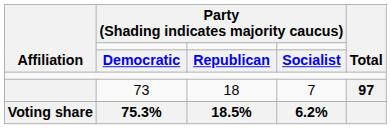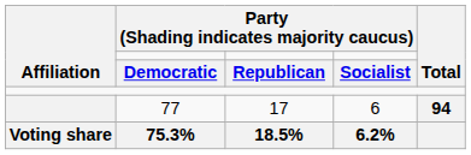 <table class=wikitable style="text-align:center">
 <tr style="vertical-align:bottom;">
 <th rowspan=3>Affiliation</th>
 <th colspan=3>Party <div>(Shading indicates majority caucus)</div></th>
 <th rowspan=3>Total</th>
 </tr>
 <tr style="height:5px">
 <td style="background-color:"></td>
 <td style="background-color:"></td>
 <td style="background-color:"></td>
 </tr>
 <tr>
 <th><a href='#'>Democratic</a></th>
 <th><a href='#'>Republican</a></th>
 <th><a href='#'>Socialist</a></th>
 </tr>
 <tr>
 <td colspan=5></td>
 </tr>
 <tr>
 <th nowrap style="font-size:80%"></th>
-<td>73</td>
-<td>18</td>
-<td>7</td>
-<th>97</th>
+<td>77</td>
+<td>17</td>
+<td>6</td>
+<th>94</th>
 </tr>
 <tr>
 <th>Voting share</th>
 <th>75.3%</th>
 <th>18.5%</th>
 <th>6.2%</th>
 <th colspan=3></th>
 </tr>
 </table>
